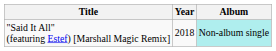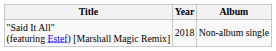 <table class="wikitable">
 <tr>
 <th>Title</th>
 <th>Year</th>
 <th>Album</th>
 </tr>
 <tr>
 <td>"Said It All"<br>(featuring <a href='#'>Estef</a>) [Marshall Magic Remix]</td>
 <td>2018</td>
-<td style="background: paleturquoise;">Non-album single</td>
+<td>Non-album single</td>
 </tr>
 </table>
